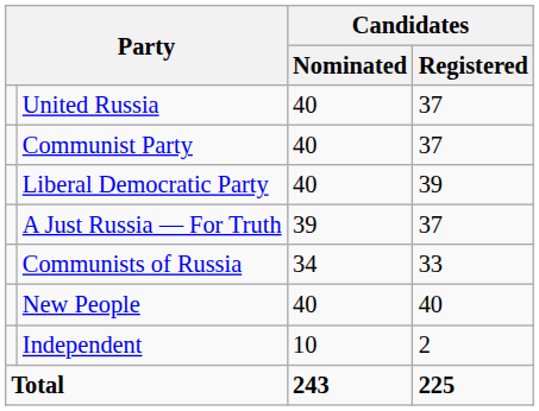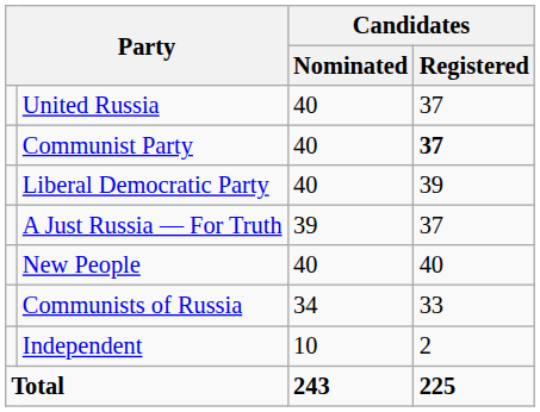 <table class="wikitable sortable" style="background: #f9f9f9; text-align:left; font-size: 95%">
 <tr>
 <th align=center rowspan=2 colspan=2>Party</th>
 <th align=center colspan=2>Candidates</th>
 </tr>
 <tr>
 <th align=center>Nominated</th>
 <th align=center>Registered</th>
 </tr>
 <tr>
 <td></td>
 <td><a href='#'>United Russia</a></td>
 <td>40</td>
 <td>37</td>
 </tr>
 <tr>
 <td></td>
 <td><a href='#'>Communist Party</a></td>
 <td>40</td>
-<td>37</td>
+<td><strong>37</strong></td>
 </tr>
 <tr>
 <td></td>
 <td><a href='#'>Liberal Democratic Party</a></td>
 <td>40</td>
 <td>39</td>
 </tr>
 <tr>
 <td></td>
 <td><a href='#'>A Just Russia — For Truth</a></td>
 <td>39</td>
 <td>37</td>
 </tr>
 <tr>
 <td></td>
+<td><a href='#'>New People</a></td>
+<td>40</td>
+<td>40</td>
+</tr>
+<tr>
+<td></td>
 <td><a href='#'>Communists of Russia</a></td>
 <td>34</td>
 <td>33</td>
-</tr>
-<tr>
-<td></td>
-<td><a href='#'>New People</a></td>
-<td>40</td>
-<td>40</td>
 </tr>
 <tr>
 <td></td>
 <td><a href='#'>Independent</a></td>
 <td>10</td>
 <td>2</td>
 </tr>
 <tr>
 <td colspan=2><strong>Total</strong></td>
 <td><strong>243</strong></td>
 <td><strong>225</strong></td>
 </tr>
 </table>
